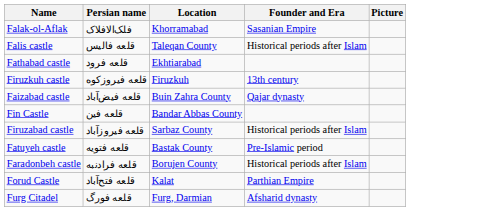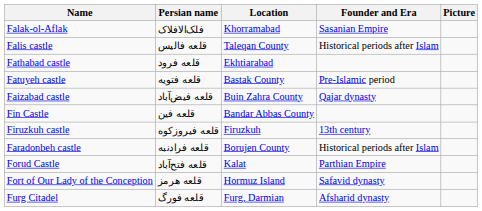 <table class="wikitable">
 <tr>
 <th>Name</th>
 <th>Persian name</th>
 <th>Location</th>
 <th>Founder and Era</th>
 <th>Picture</th>
 </tr>
 <tr>
 <td><a href='#'>Falak-ol-Aflak</a></td>
 <td>فلک‌الافلاک</td>
 <td><a href='#'>Khorramabad</a></td>
 <td><a href='#'>Sasanian Empire</a></td>
 <td align="center"></td>
 </tr>
 <tr>
 <td><a href='#'>Falis castle</a></td>
 <td>قلعه فالیس</td>
 <td><a href='#'>Taleqan County</a></td>
 <td>Historical periods after <a href='#'>Islam</a></td>
 <td></td>
 </tr>
 <tr>
 <td><a href='#'>Fathabad castle</a></td>
 <td>قلعه فرود</td>
 <td><a href='#'>Ekhtiarabad</a></td>
 <td></td>
 <td align="center"></td>
 </tr>
 <tr>
-<td><a href='#'>Firuzkuh castle</a></td>
-<td>قلعه فیروزکوه</td>
-<td><a href='#'>Firuzkuh</a></td>
-<td><a href='#'>13th century</a></td>
-<td align="center"></td>
+<td><a href='#'>Fatuyeh castle</a></td>
+<td>قلعه فتویه</td>
+<td><a href='#'>Bastak County</a></td>
+<td><a href='#'>Pre-Islamic</a> period</td>
+<td></td>
 </tr>
 <tr>
 <td><a href='#'>Faizabad castle</a></td>
 <td>قلعه فیض‌آباد</td>
 <td><a href='#'>Buin Zahra County</a></td>
 <td><a href='#'>Qajar dynasty</a></td>
 <td></td>
 </tr>
 <tr>
 <td><a href='#'>Fin Castle</a></td>
 <td>قلعه فین</td>
 <td><a href='#'>Bandar Abbas County</a></td>
 <td></td>
 <td align="center"></td>
 </tr>
 <tr>
-<td><a href='#'>Firuzabad castle</a></td>
-<td>قلعه فیروزآباد</td>
-<td><a href='#'>Sarbaz County</a></td>
-<td>Historical periods after <a href='#'>Islam</a></td>
-<td></td>
-</tr>
-<tr>
-<td><a href='#'>Fatuyeh castle</a></td>
-<td>قلعه فتویه</td>
-<td><a href='#'>Bastak County</a></td>
-<td><a href='#'>Pre-Islamic</a> period</td>
-<td></td>
+<td><a href='#'>Firuzkuh castle</a></td>
+<td>قلعه فیروزکوه</td>
+<td><a href='#'>Firuzkuh</a></td>
+<td><a href='#'>13th century</a></td>
+<td align="center"></td>
 </tr>
 <tr>
 <td><a href='#'>Faradonbeh castle</a></td>
 <td>قلعه فرادنبه</td>
 <td><a href='#'>Borujen County</a></td>
 <td>Historical periods after <a href='#'>Islam</a></td>
 <td align="center"></td>
 </tr>
 <tr>
 <td><a href='#'>Forud Castle</a></td>
 <td>قلعه فتح‌آباد</td>
 <td><a href='#'>Kalat</a></td>
 <td><a href='#'>Parthian Empire</a></td>
 <td align="center"></td>
 </tr>
 <tr>
+<td><a href='#'>Fort of Our Lady of the Conception</a></td>
+<td>قلعه هرمز</td>
+<td><a href='#'>Hormuz Island</a></td>
+<td><a href='#'>Safavid dynasty</a></td>
+<td align="center"></td>
+</tr>
+<tr>
 <td><a href='#'>Furg Citadel</a></td>
 <td>قلعه فورگ</td>
 <td><a href='#'>Furg, Darmian</a></td>
 <td><a href='#'>Afsharid dynasty</a></td>
 <td align="center"></td>
 </tr>
 </table>
